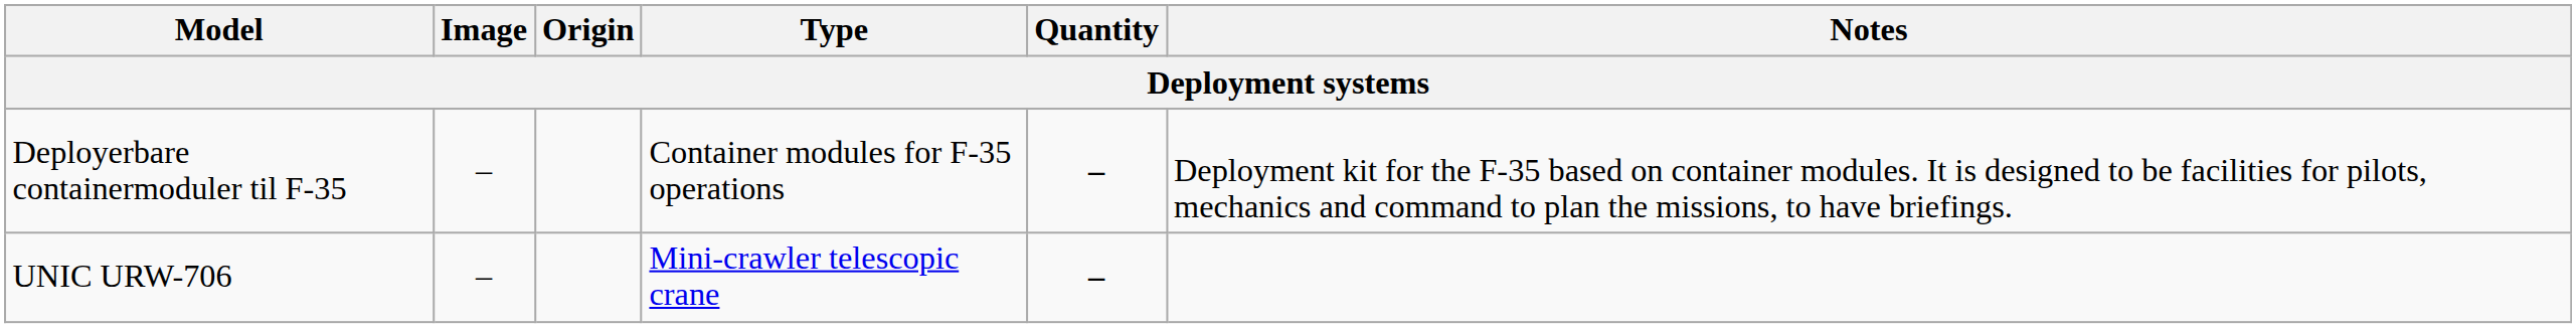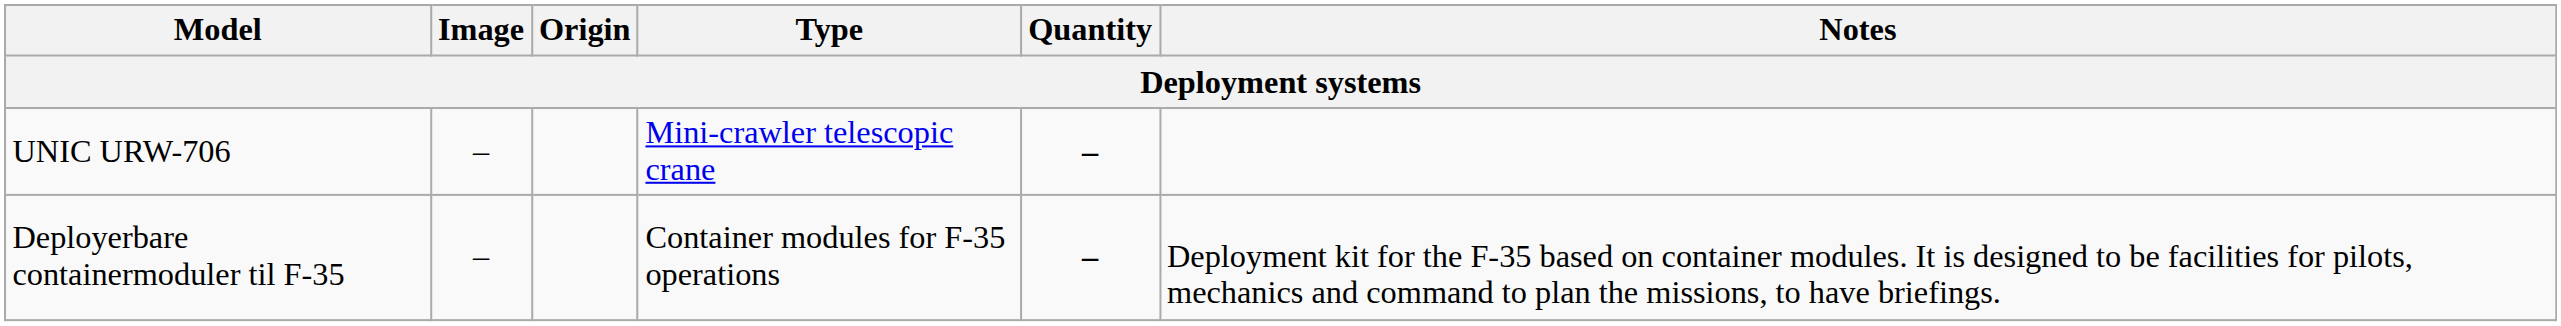 <table class="wikitable" style="width:100%;">
 <tr>
 <th>Model</th>
 <th>Image</th>
 <th>Origin</th>
 <th>Type</th>
 <th>Quantity</th>
 <th>Notes</th>
 </tr>
 <tr>
 <th colspan="6">Deployment systems</th>
 </tr>
 <tr>
+<td>UNIC URW-706</td>
+<td style="text-align: center;">–</td>
+<td></td>
+<td><a href='#'>Mini-crawler telescopic crane</a></td>
+<td style="text-align: center;"><strong>–</strong></td>
+<td></td>
+</tr>
+<tr>
 <td>Deployerbare containermoduler til F-35</td>
 <td style="text-align: center;">–</td>
 <td></td>
 <td>Container modules for F-35 operations</td>
 <td style="text-align: center;"><strong>–</strong></td>
 <td><br>Deployment kit for the F-35 based on container modules. It is designed to be facilities for pilots, mechanics and command to plan the missions, to have briefings.</td>
 </tr>
-<tr>
-<td>UNIC URW-706</td>
-<td style="text-align: center;">–</td>
-<td></td>
-<td><a href='#'>Mini-crawler telescopic crane</a></td>
-<td style="text-align: center;"><strong>–</strong></td>
-<td></td>
-</tr>
 </table>
